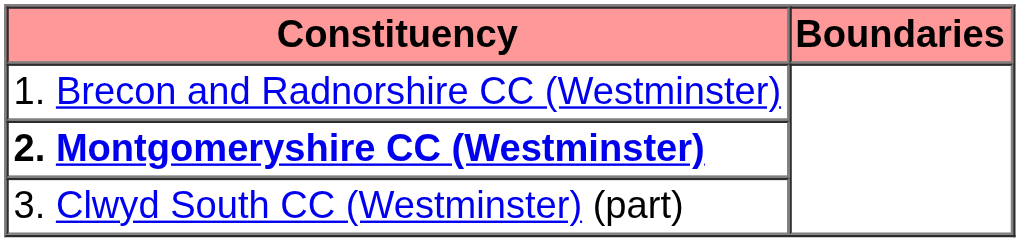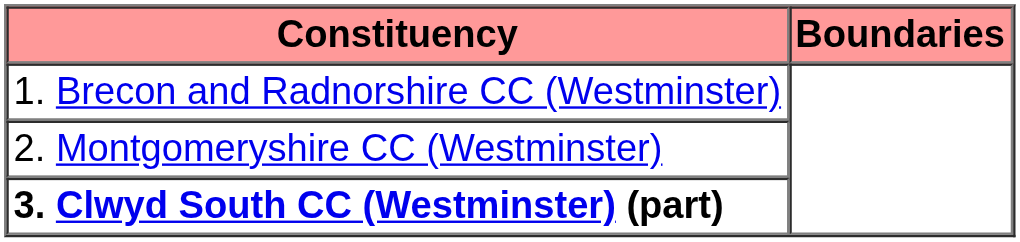 <table border=1 cellpadding="2" cellspacing="0">
 <tr>
 <th bgcolor="#ff9999">Constituency</th>
 <th bgcolor="#ff9999">Boundaries</th>
 </tr>
 <tr>
 <td>1. <a href='#'>Brecon and Radnorshire CC (Westminster)</a></td>
 <td rowspan=3></td>
 </tr>
 <tr>
-<td><strong>2. <a href='#'>Montgomeryshire CC (Westminster)</a></strong></td>
+<td>2. <a href='#'>Montgomeryshire CC (Westminster)</a></td>
 </tr>
 <tr>
-<td>3. <a href='#'>Clwyd South CC (Westminster)</a> (part)</td>
+<td><strong>3. <a href='#'>Clwyd South CC (Westminster)</a> (part)</strong></td>
 </tr>
 </table>
